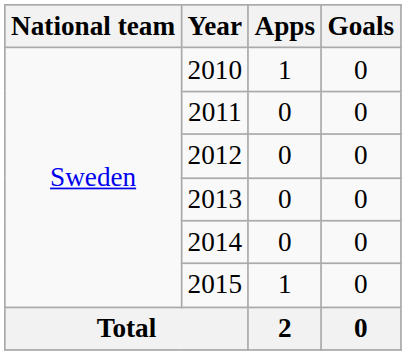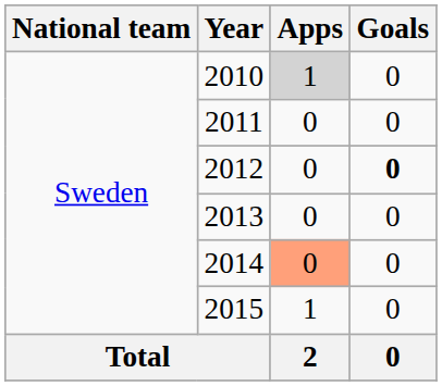 <table class="wikitable" style="text-align:center">
 <tr>
 <th>National team</th>
 <th>Year</th>
 <th>Apps</th>
 <th>Goals</th>
 </tr>
 <tr>
 <td rowspan="6"><a href='#'>Sweden</a></td>
 <td>2010</td>
-<td>1</td>
+<td style="background: lightgrey;">1</td>
 <td>0</td>
 </tr>
 <tr>
 <td>2011</td>
 <td>0</td>
 <td>0</td>
 </tr>
 <tr>
 <td>2012</td>
 <td>0</td>
-<td>0</td>
+<td><strong>0</strong></td>
 </tr>
 <tr>
 <td>2013</td>
 <td>0</td>
 <td>0</td>
 </tr>
 <tr>
 <td>2014</td>
-<td>0</td>
+<td style="background: lightsalmon;">0</td>
 <td>0</td>
 </tr>
 <tr>
 <td>2015</td>
 <td>1</td>
 <td>0</td>
 </tr>
 <tr>
 <th colspan="2">Total</th>
 <th>2</th>
 <th>0</th>
 </tr>
 </table>
